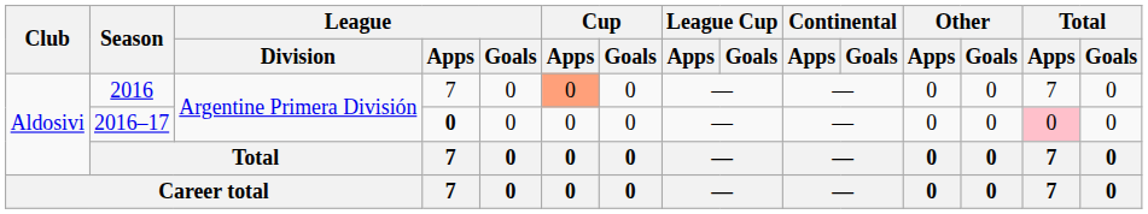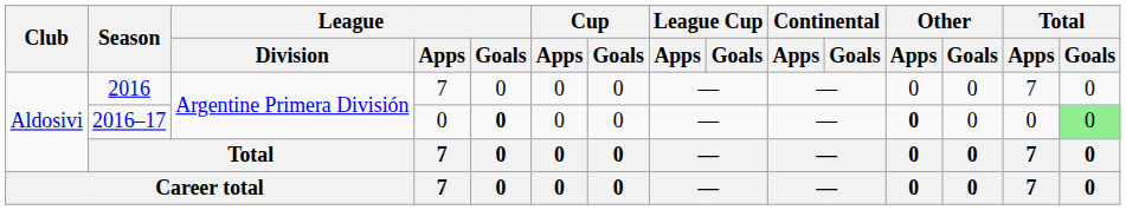 <table class="wikitable" style="text-align:center">
 <tr>
 <th rowspan="2">Club</th>
 <th rowspan="2">Season</th>
 <th colspan="3">League</th>
 <th colspan="2">Cup</th>
 <th colspan="2">League Cup</th>
 <th colspan="2">Continental</th>
 <th colspan="2">Other</th>
 <th colspan="2">Total</th>
 </tr>
 <tr>
 <th>Division</th>
 <th>Apps</th>
 <th>Goals</th>
 <th>Apps</th>
 <th>Goals</th>
 <th>Apps</th>
 <th>Goals</th>
 <th>Apps</th>
 <th>Goals</th>
 <th>Apps</th>
 <th>Goals</th>
 <th>Apps</th>
 <th>Goals</th>
 </tr>
 <tr>
 <td rowspan="3"><a href='#'>Aldosivi</a></td>
 <td><a href='#'>2016</a></td>
 <td rowspan="2"><a href='#'>Argentine Primera División</a></td>
 <td>7</td>
 <td>0</td>
-<td style="background: lightsalmon;">0</td>
+<td>0</td>
 <td>0</td>
 <td colspan="2">—</td>
 <td colspan="2">—</td>
 <td>0</td>
 <td>0</td>
 <td>7</td>
 <td>0</td>
 </tr>
 <tr>
 <td><a href='#'>2016–17</a></td>
+<td>0</td>
 <td><strong>0</strong></td>
-<td>0</td>
 <td>0</td>
 <td>0</td>
 <td colspan="2">—</td>
 <td colspan="2">—</td>
+<td><strong>0</strong></td>
 <td>0</td>
 <td>0</td>
-<td style="background: pink;">0</td>
-<td>0</td>
+<td style="background: lightgreen;">0</td>
 </tr>
 <tr>
 <th colspan="2">Total</th>
 <th>7</th>
 <th>0</th>
 <th>0</th>
 <th>0</th>
 <th colspan="2">—</th>
 <th colspan="2">—</th>
 <th>0</th>
 <th>0</th>
 <th>7</th>
 <th>0</th>
 </tr>
 <tr>
 <th colspan="3">Career total</th>
 <th>7</th>
 <th>0</th>
 <th>0</th>
 <th>0</th>
 <th colspan="2">—</th>
 <th colspan="2">—</th>
 <th>0</th>
 <th>0</th>
 <th>7</th>
 <th>0</th>
 </tr>
 </table>
